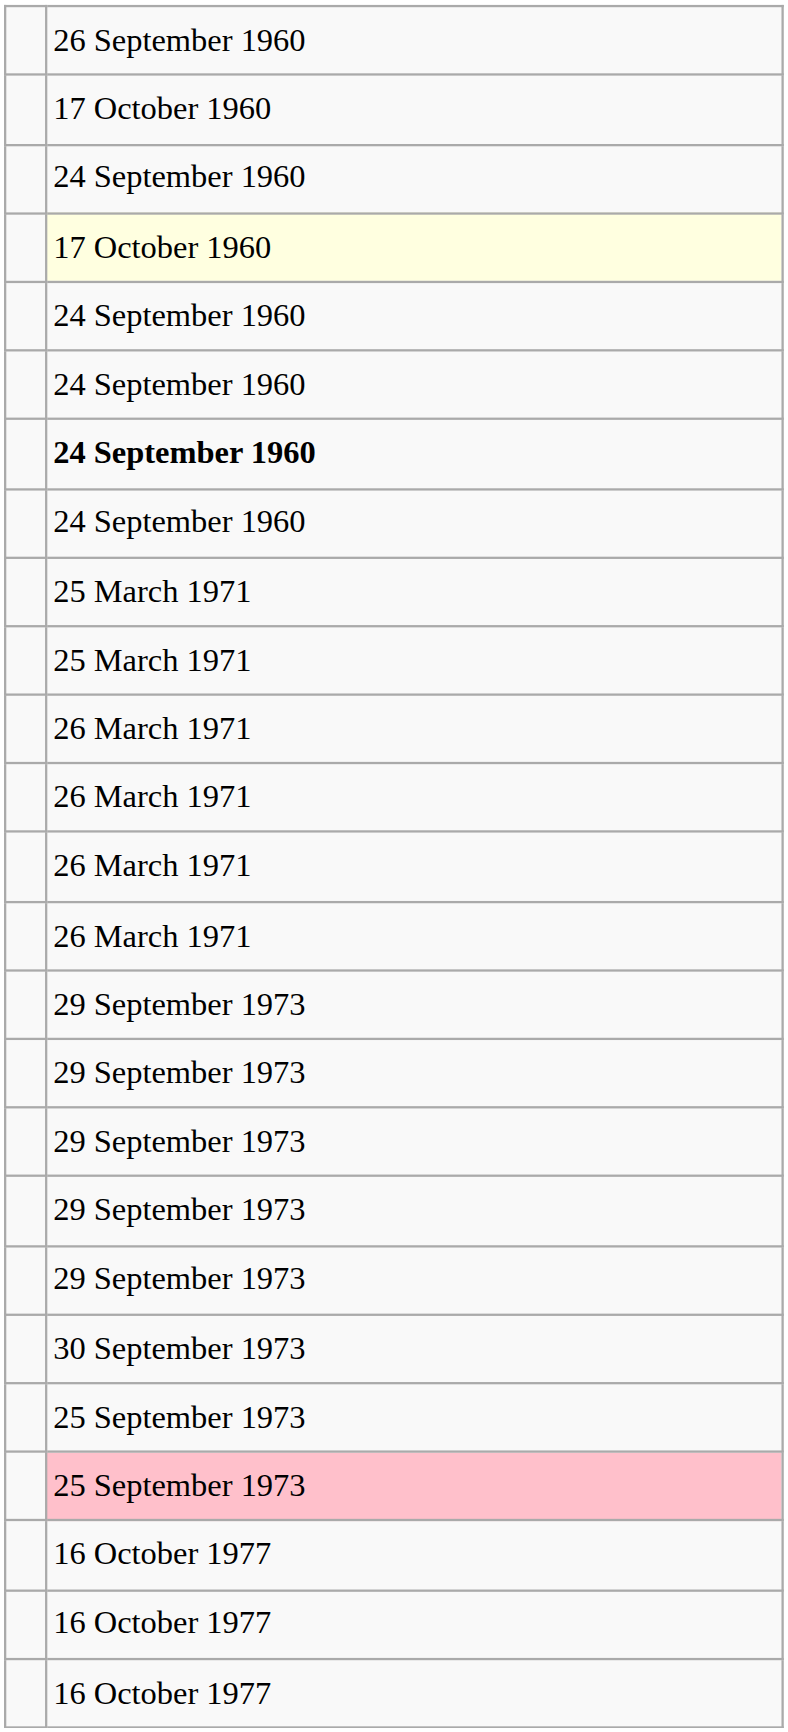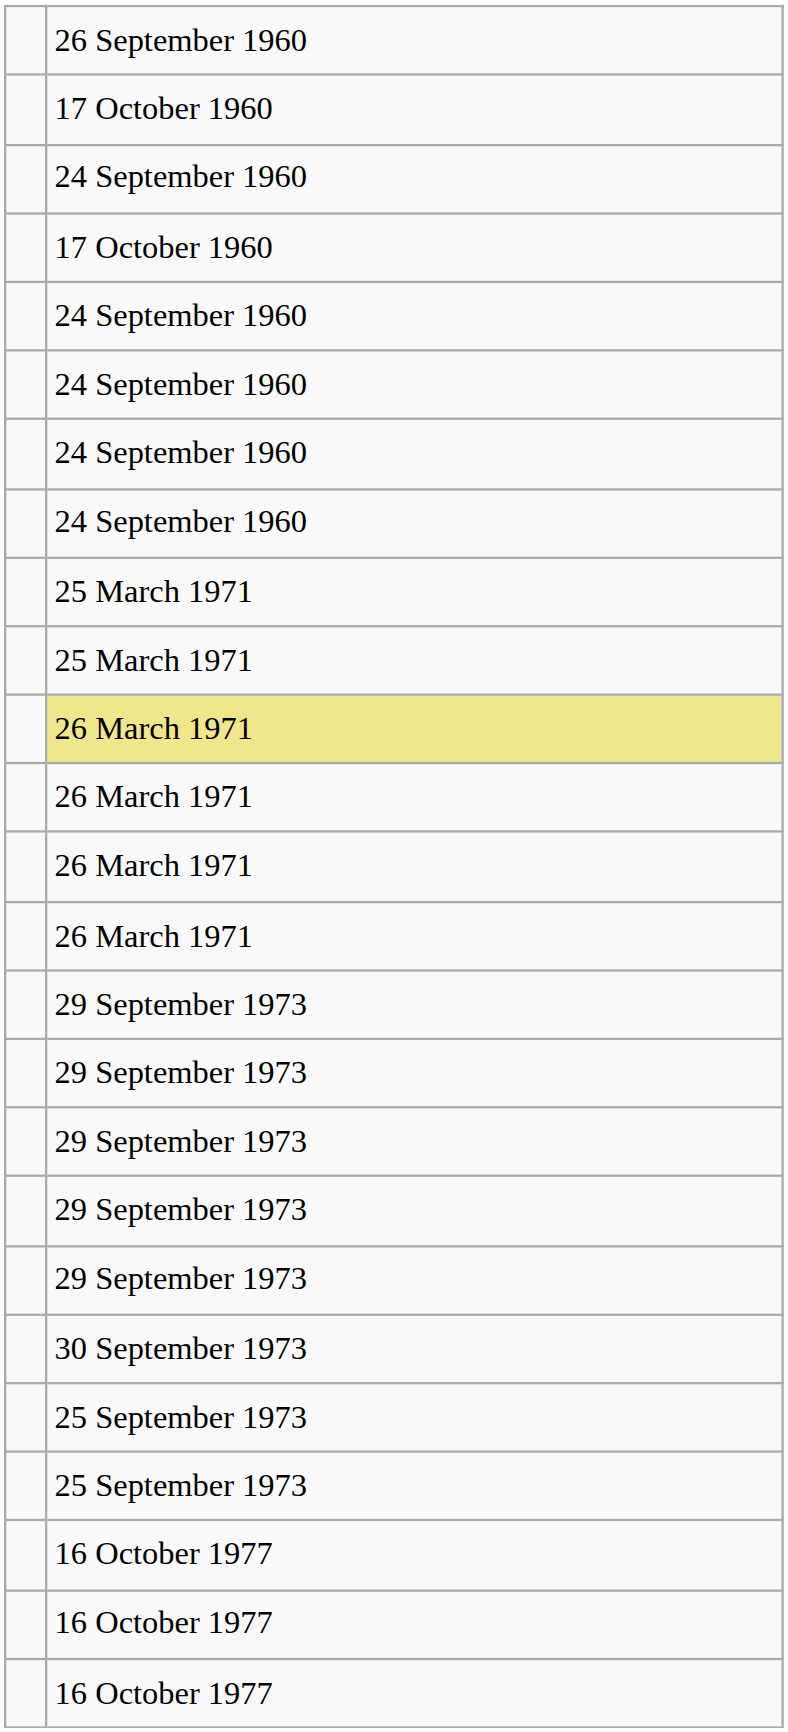 <table class="wikitable" style="font-size: 89%; float: left; width: 24em; margin-right: 1em; line-height: 1.65em">
 <tr>
 <td></td>
 <td>26 September 1960</td>
 </tr>
 <tr>
 <td></td>
 <td>17 October 1960</td>
 </tr>
 <tr>
 <td></td>
 <td>24 September 1960</td>
 </tr>
 <tr>
 <td></td>
-<td style="background: lightyellow;">17 October 1960</td>
+<td>17 October 1960</td>
 </tr>
 <tr>
 <td></td>
 <td>24 September 1960</td>
 </tr>
 <tr>
 <td></td>
 <td>24 September 1960</td>
 </tr>
 <tr>
 <td></td>
-<td><strong>24 September 1960</strong></td>
+<td>24 September 1960</td>
 </tr>
 <tr>
 <td></td>
 <td>24 September 1960</td>
 </tr>
 <tr>
 <td></td>
 <td>25 March 1971</td>
 </tr>
 <tr>
 <td></td>
 <td>25 March 1971</td>
 </tr>
 <tr>
 <td></td>
-<td>26 March 1971</td>
+<td style="background: khaki;">26 March 1971</td>
 </tr>
 <tr>
 <td></td>
 <td>26 March 1971</td>
 </tr>
 <tr>
 <td></td>
 <td>26 March 1971</td>
 </tr>
 <tr>
 <td></td>
 <td>26 March 1971</td>
 </tr>
 <tr>
 <td></td>
 <td>29 September 1973</td>
 </tr>
 <tr>
 <td></td>
 <td>29 September 1973</td>
 </tr>
 <tr>
 <td></td>
 <td>29 September 1973</td>
 </tr>
 <tr>
 <td></td>
 <td>29 September 1973</td>
 </tr>
 <tr>
 <td></td>
 <td>29 September 1973</td>
 </tr>
 <tr>
 <td></td>
 <td>30 September 1973</td>
 </tr>
 <tr>
 <td></td>
 <td>25 September 1973</td>
 </tr>
 <tr>
 <td></td>
-<td style="background: pink;">25 September 1973</td>
+<td>25 September 1973</td>
 </tr>
 <tr>
 <td></td>
 <td>16 October 1977</td>
 </tr>
 <tr>
 <td></td>
 <td>16 October 1977</td>
 </tr>
 <tr>
 <td></td>
 <td>16 October 1977</td>
 </tr>
 </table>
